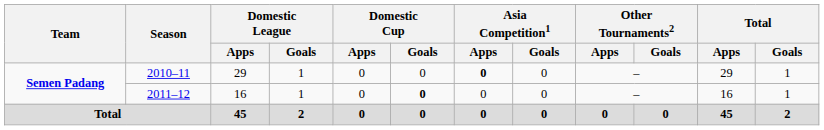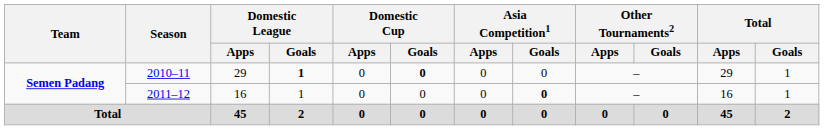 <table class="wikitable" style=font-size:90% text-align: center width=75%>
 <tr>
 <th rowspan=2 width=10%><strong>Team</strong></th>
 <th rowspan=2 width=7%><strong>Season</strong></th>
 <th colspan=2 width=10%>Domestic<br>League</th>
 <th colspan=2 width=10%>Domestic<br>Cup</th>
 <th colspan=2 width=10%>Asia<br>Competition<sup>1</sup></th>
 <th colspan=2 width=10%>Other<br>Tournaments<sup>2</sup></th>
 <th colspan=2 width=10%>Total</th>
 </tr>
 <tr>
 <th align=center><strong>Apps</strong></th>
 <th align=center><strong>Goals</strong></th>
 <th align=center><strong>Apps</strong></th>
 <th align=center><strong>Goals</strong></th>
 <th align=center><strong>Apps</strong></th>
 <th align=center><strong>Goals</strong></th>
 <th align=center><strong>Apps</strong></th>
 <th align=center><strong>Goals</strong></th>
 <th align=center><strong>Apps</strong></th>
 <th align=center><strong>Goals</strong></th>
 </tr>
 <tr>
 <td rowspan="2" align=center><strong><a href='#'>Semen Padang</a></strong></td>
 <td align=center><a href='#'>2010–11</a></td>
 <td align=center>29</td>
-<td align=center>1</td>
-<td align=center>0</td>
+<td align=center><strong>1</strong></td>
 <td align=center>0</td>
 <td align=center><strong>0</strong></td>
+<td align=center>0</td>
 <td align=center>0</td>
 <td colspan="2" align=center>–</td>
 <td align=center>29</td>
 <td align=center>1</td>
 </tr>
 <tr>
 <td align=center><a href='#'>2011–12</a></td>
 <td align=center>16</td>
 <td align=center>1</td>
 <td align=center>0</td>
-<td align=center><strong>0</strong></td>
 <td align=center>0</td>
 <td align=center>0</td>
+<td align=center><strong>0</strong></td>
 <td colspan="2" align=center>–</td>
 <td align=center>16</td>
 <td align=center>1</td>
 </tr>
 <tr>
 <th style="background: #DCDCDC" colspan=2>Total</th>
 <th style="background: #DCDCDC" align=center><strong>45</strong></th>
 <th style="background: #DCDCDC" align=center><strong>2</strong></th>
 <th style="background: #DCDCDC" align=center><strong>0</strong></th>
 <th style="background: #DCDCDC" align=center><strong>0</strong></th>
 <th style="background: #DCDCDC" align=center><strong>0</strong></th>
 <th style="background: #DCDCDC" align=center><strong>0</strong></th>
 <th style="background: #DCDCDC" align=center><strong>0</strong></th>
 <th style="background: #DCDCDC" align=center><strong>0</strong></th>
 <th style="background: #DCDCDC" align=center><strong>45</strong></th>
 <th style="background: #DCDCDC" align=center><strong>2</strong></th>
 </tr>
 </table>
